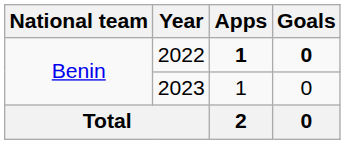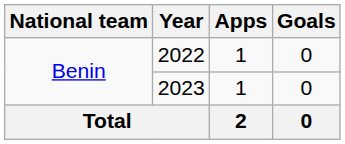 <table class="wikitable" style="text-align:center">
 <tr>
 <th>National team</th>
 <th>Year</th>
 <th>Apps</th>
 <th>Goals</th>
 </tr>
 <tr>
 <td rowspan="2"><a href='#'>Benin</a></td>
 <td>2022</td>
-<td><strong>1</strong></td>
-<td><strong>0</strong></td>
+<td>1</td>
+<td>0</td>
 </tr>
 <tr>
 <td>2023</td>
 <td>1</td>
 <td>0</td>
 </tr>
 <tr>
 <th colspan="2">Total</th>
 <th>2</th>
 <th>0</th>
 </tr>
 </table>
